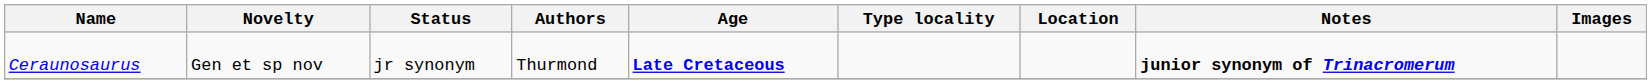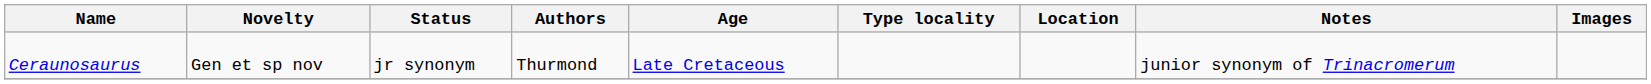 <table class="wikitable sortable" align="center" width="100%">
 <tr>
 <th>Name</th>
 <th>Novelty</th>
 <th>Status</th>
 <th>Authors</th>
 <th>Age</th>
 <th>Type locality</th>
 <th>Location</th>
 <th>Notes</th>
 <th>Images</th>
 </tr>
 <tr>
 <td><br><em><a href='#'>Ceraunosaurus</a></em></td>
 <td><br>Gen et sp nov</td>
 <td><br>jr synonym</td>
 <td><br>Thurmond</td>
-<td><strong><br><a href='#'>Late Cretaceous</a></strong></td>
+<td><br><a href='#'>Late Cretaceous</a></td>
 <td></td>
 <td></td>
-<td><strong><br>junior synonym of <em><a href='#'>Trinacromerum</a></em></strong></td>
+<td><br>junior synonym of <em><a href='#'>Trinacromerum</a></em></td>
 <td></td>
 </tr>
 <tr>
 </tr>
 </table>
